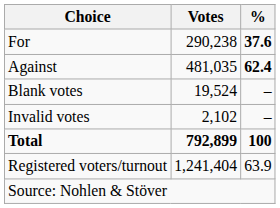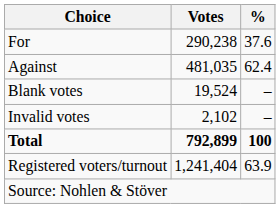 <table class=wikitable style=text-align:right>
 <tr>
 <th>Choice</th>
 <th>Votes</th>
 <th>%</th>
 </tr>
 <tr>
 <td align=left>For</td>
 <td>290,238</td>
-<td><strong>37.6</strong></td>
+<td>37.6</td>
 </tr>
 <tr>
 <td align=left>Against</td>
 <td>481,035</td>
-<td><strong>62.4</strong></td>
+<td>62.4</td>
 </tr>
 <tr>
 <td align=left>Blank votes</td>
 <td>19,524</td>
 <td>–</td>
 </tr>
 <tr>
 <td align=left>Invalid votes</td>
 <td>2,102</td>
 <td>–</td>
 </tr>
 <tr>
 <td align=left><strong>Total</strong></td>
 <td><strong>792,899</strong></td>
 <td><strong>100</strong></td>
 </tr>
 <tr>
 <td align=left>Registered voters/turnout</td>
 <td>1,241,404</td>
 <td>63.9</td>
 </tr>
 <tr>
 <td align=left colspan=3>Source: Nohlen & Stöver</td>
 </tr>
 </table>
